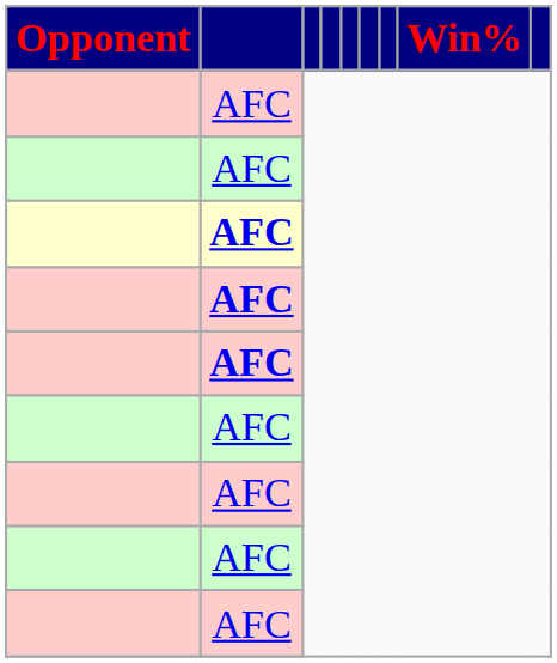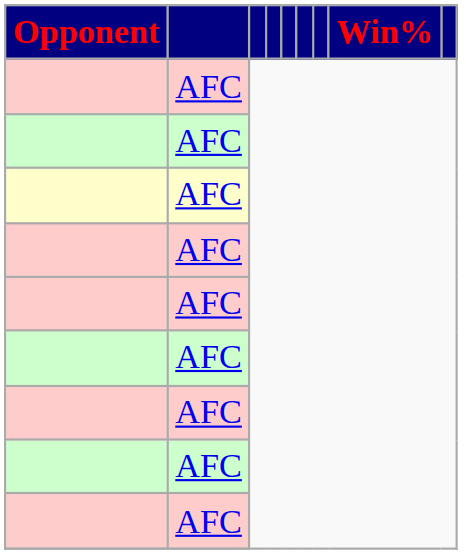 <table class="wikitable sortable" style="text-align: center; font-size: 100%;">
 <tr>
 <th style="background:#000080;color:red;">Opponent</th>
 <th style="background:#000080;color:red;"></th>
 <th style="background:#000080;color:red;"></th>
 <th style="background:#000080;color:red;"></th>
 <th style="background:#000080;color:red;"></th>
 <th style="background:#000080;color:red;"></th>
 <th style="background:#000080;color:red;"></th>
 <th style="background:#000080;color:red;">Win%</th>
 <th style="background:#000080;color:red;"></th>
 </tr>
 <tr bgcolor="FFCCCC">
 <td align=left><br></td>
 <td><a href='#'>AFC</a></td>
 </tr>
 <tr bgcolor="CCFFCC">
 <td align=left><br></td>
 <td><a href='#'>AFC</a></td>
 </tr>
 <tr bgcolor="FFFFCC">
 <td align=left><br></td>
-<td><strong><a href='#'>AFC</a></strong></td>
+<td><a href='#'>AFC</a></td>
 </tr>
 <tr bgcolor="FFCCCC">
 <td align=left><br></td>
-<td><strong><a href='#'>AFC</a></strong></td>
+<td><a href='#'>AFC</a></td>
 </tr>
 <tr bgcolor="FFCCCC">
 <td align=left><br></td>
-<td><strong><a href='#'>AFC</a></strong></td>
+<td><a href='#'>AFC</a></td>
 </tr>
 <tr bgcolor="CCFFCC">
 <td align=left><br></td>
 <td><a href='#'>AFC</a></td>
 </tr>
 <tr bgcolor="FFCCCC">
 <td align=left><br></td>
 <td><a href='#'>AFC</a></td>
 </tr>
 <tr bgcolor="CCFFCC">
 <td align=left><br></td>
 <td><a href='#'>AFC</a></td>
 </tr>
 <tr bgcolor="FFCCCC">
 <td align=left><br></td>
 <td><a href='#'>AFC</a></td>
 </tr>
 <tr>
 </tr>
 </table>
